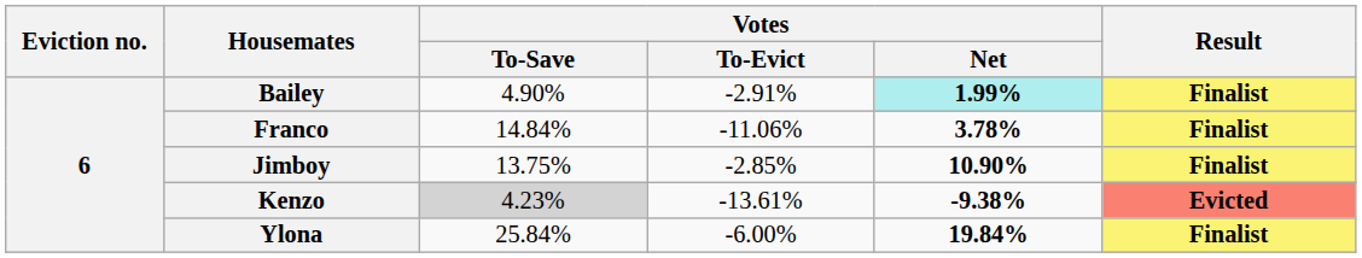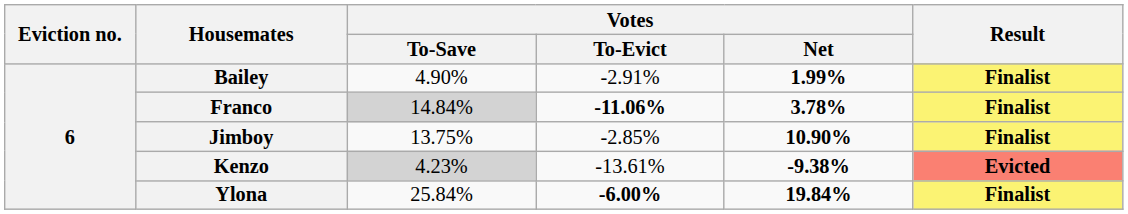 <table class="wikitable" style="text-align:center; font-size:90%; line-height:14px;" width="40%">
 <tr>
 <th rowspan="2" width="05%">Eviction no.</th>
 <th rowspan="2" width="10%">Housemates</th>
 <th colspan="3" width="27%">Votes</th>
 <th rowspan="2" width="10%">Result</th>
 </tr>
 <tr>
 <th width="09%">To-Save</th>
 <th width="09%">To-Evict</th>
 <th width="09%">Net</th>
 </tr>
 <tr>
 <th rowspan="5">6</th>
 <th>Bailey</th>
 <td>4.90%</td>
 <td>-2.91%</td>
-<td style="background: paleturquoise;"><strong>1.99%</strong></td>
+<td><strong>1.99%</strong></td>
 <th align="center" style="background:#FBF373;">Finalist</th>
 </tr>
 <tr>
 <th>Franco</th>
-<td>14.84%</td>
-<td>-11.06%</td>
+<td style="background: lightgrey;">14.84%</td>
+<td><strong>-11.06%</strong></td>
 <td><strong>3.78%</strong></td>
 <th align="center" style="background:#FBF373;">Finalist</th>
 </tr>
 <tr>
 <th>Jimboy</th>
 <td>13.75%</td>
 <td>-2.85%</td>
 <td><strong>10.90%</strong></td>
 <th align="center" style="background:#FBF373;">Finalist</th>
 </tr>
 <tr>
 <th>Kenzo</th>
 <td style="background: lightgrey;">4.23%</td>
 <td>-13.61%</td>
 <td><strong>-9.38%</strong></td>
 <th align="center" style="background:#FA8072">Evicted</th>
 </tr>
 <tr>
 <th>Ylona</th>
 <td>25.84%</td>
-<td>-6.00%</td>
+<td><strong>-6.00%</strong></td>
 <td><strong>19.84%</strong></td>
 <th align="center" style="background:#FBF373;">Finalist</th>
 </tr>
 </table>
